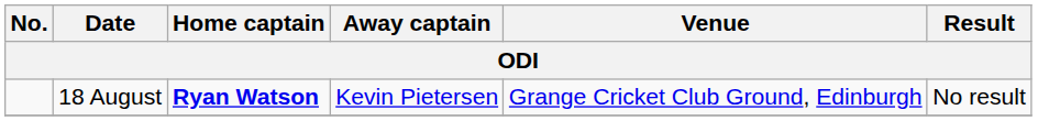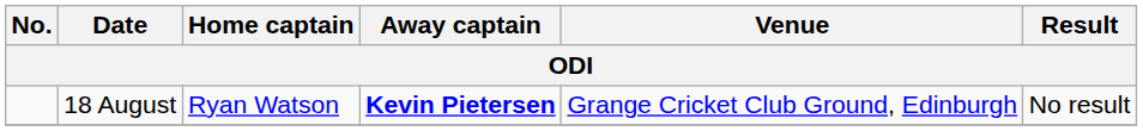 <table class="wikitable">
 <tr>
 <th>No.</th>
 <th>Date</th>
 <th>Home captain</th>
 <th>Away captain</th>
 <th>Venue</th>
 <th>Result</th>
 </tr>
 <tr>
 <th colspan="6">ODI</th>
 </tr>
 <tr>
 <td></td>
 <td>18 August</td>
-<td><strong><a href='#'>Ryan Watson</a></strong></td>
-<td><a href='#'>Kevin Pietersen</a></td>
+<td><a href='#'>Ryan Watson</a></td>
+<td><strong><a href='#'>Kevin Pietersen</a></strong></td>
 <td><a href='#'>Grange Cricket Club Ground</a>, <a href='#'>Edinburgh</a></td>
 <td>No result</td>
 </tr>
 <tr>
 </tr>
 </table>
